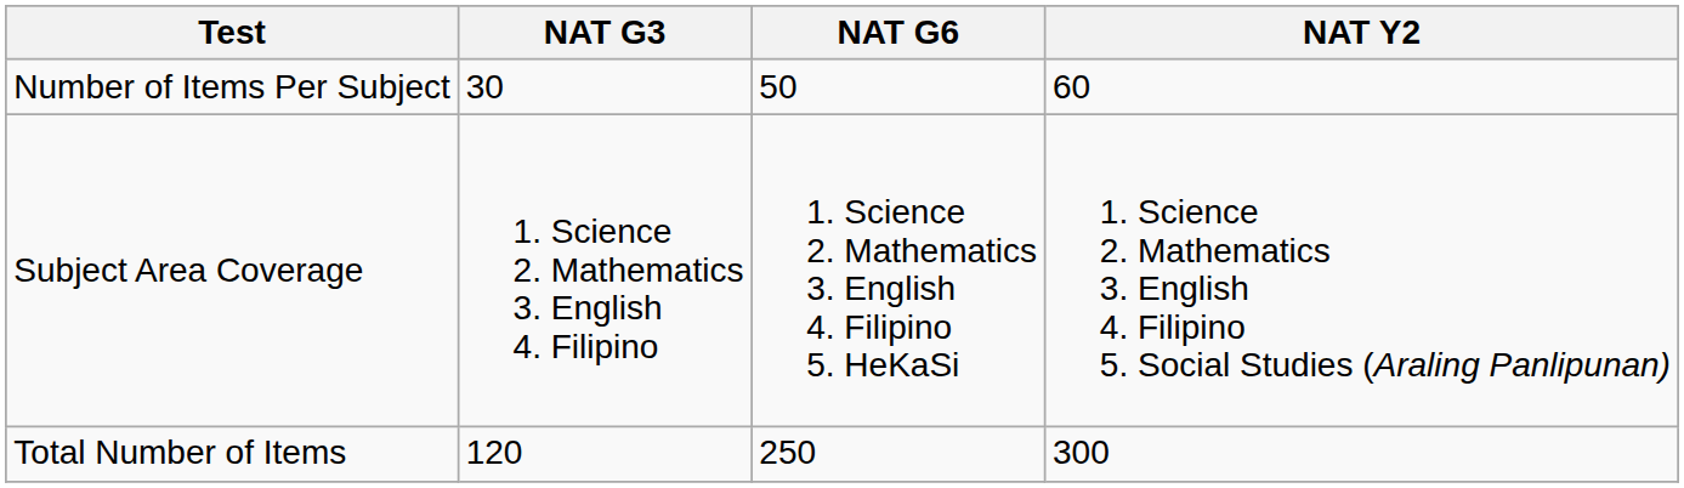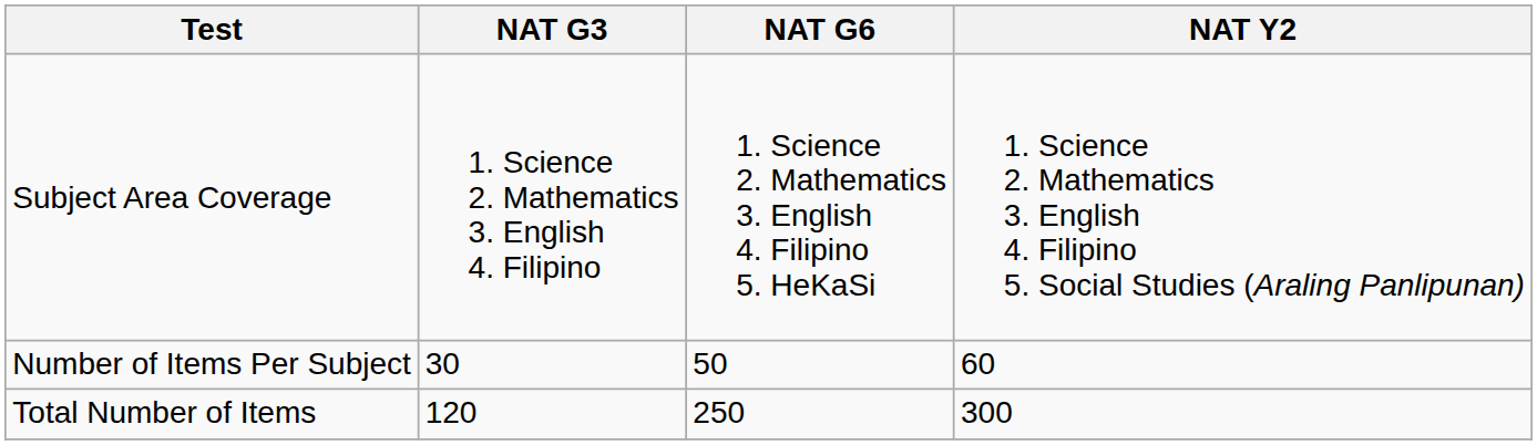 <table class="wikitable">
 <tr>
 <th>Test</th>
 <th>NAT G3</th>
 <th>NAT G6</th>
 <th>NAT Y2</th>
 </tr>
 <tr>
+<td>Subject Area Coverage</td>
+<td><br><ol><li>Science</li><li>Mathematics</li><li>English</li><li>Filipino</li></ol></td>
+<td><br><ol><li>Science</li><li>Mathematics</li><li>English</li><li>Filipino</li><li>HeKaSi</li></ol></td>
+<td><br><ol><li>Science</li><li>Mathematics</li><li>English</li><li>Filipino</li><li>Social Studies (<em>Araling Panlipunan)</em></li></ol></td>
+</tr>
+<tr>
 <td>Number of Items Per Subject</td>
 <td>30</td>
 <td>50</td>
 <td>60</td>
-</tr>
-<tr>
-<td>Subject Area Coverage</td>
-<td><br><ol><li>Science</li><li>Mathematics</li><li>English</li><li>Filipino</li></ol></td>
-<td><br><ol><li>Science</li><li>Mathematics</li><li>English</li><li>Filipino</li><li>HeKaSi</li></ol></td>
-<td><br><ol><li>Science</li><li>Mathematics</li><li>English</li><li>Filipino</li><li>Social Studies (<em>Araling Panlipunan)</em></li></ol></td>
 </tr>
 <tr>
 <td>Total Number of Items</td>
 <td>120</td>
 <td>250</td>
 <td>300</td>
 </tr>
 </table>
